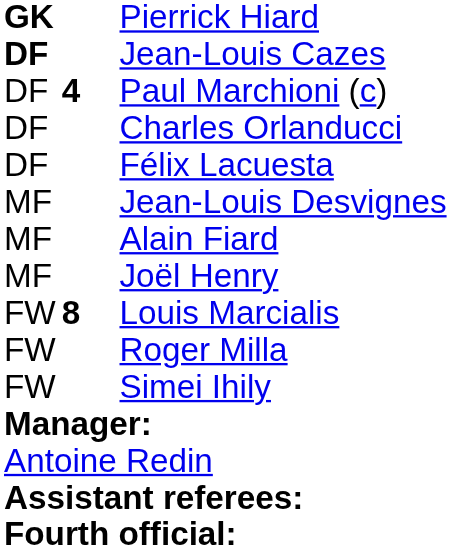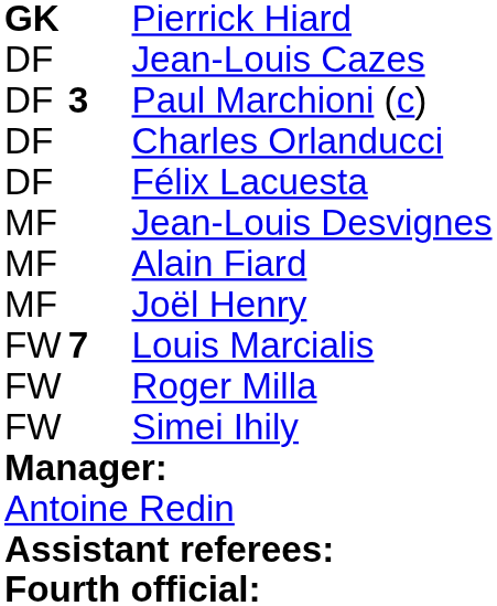 <table style=font-size:90% cellspacing=0 cellpadding=0>
 <tr>
 <td colspan=4></td>
 </tr>
 <tr>
 <th width=25></th>
 <th width=25></th>
 </tr>
 <tr>
 <td><strong>GK</strong></td>
 <td><strong> </strong></td>
 <td> <a href='#'>Pierrick Hiard</a></td>
 </tr>
 <tr>
-<td><strong>DF</strong></td>
+<td>DF</td>
 <td><strong> </strong></td>
 <td> <a href='#'>Jean-Louis Cazes</a></td>
 </tr>
 <tr>
 <td>DF</td>
-<td><strong>4</strong></td>
+<td><strong>3</strong></td>
 <td> <a href='#'>Paul Marchioni</a> (<a href='#'>c</a>)</td>
 </tr>
 <tr>
 <td>DF</td>
 <td><strong> </strong></td>
 <td> <a href='#'>Charles Orlanducci</a></td>
 </tr>
 <tr>
 <td>DF</td>
 <td><strong> </strong></td>
 <td> <a href='#'>Félix Lacuesta</a></td>
 </tr>
 <tr>
 <td>MF</td>
 <td><strong> </strong></td>
 <td> <a href='#'>Jean-Louis Desvignes</a></td>
 </tr>
 <tr>
 <td>MF</td>
 <td><strong> </strong></td>
 <td> <a href='#'>Alain Fiard</a></td>
 </tr>
 <tr>
 <td>MF</td>
 <td><strong> </strong></td>
 <td> <a href='#'>Joël Henry</a></td>
 </tr>
 <tr>
 <td>FW</td>
-<td><strong>8</strong></td>
+<td><strong>7</strong></td>
 <td> <a href='#'>Louis Marcialis</a></td>
 </tr>
 <tr>
 <td>FW</td>
 <td><strong> </strong></td>
 <td> <a href='#'>Roger Milla</a></td>
 </tr>
 <tr>
 <td>FW</td>
 <td><strong> </strong></td>
 <td> <a href='#'>Simei Ihily</a></td>
 </tr>
 <tr>
 <td colspan=3><strong>Manager:</strong></td>
 </tr>
 <tr>
 <td colspan=4> <a href='#'>Antoine Redin</a><br><strong>Assistant referees:</strong><br> <strong>Fourth official:</strong><br></td>
 </tr>
 </table>
